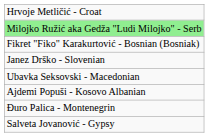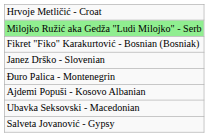 <table class="wikitable">
 <tr>
 <td>Hrvoje Metličić - Croat</td>
 </tr>
 <tr>
 <td style="background: lightgreen;">Milojko Ružić aka Gedža "Ludi Milojko" - Serb</td>
 </tr>
 <tr>
 <td>Fikret "Fiko" Karakurtović - Bosnian (Bosniak)</td>
 </tr>
 <tr>
 <td>Janez Drško - Slovenian</td>
 </tr>
 <tr>
-<td>Ubavka Seksovski - Macedonian</td>
+<td>Đuro Palica - Montenegrin</td>
 </tr>
 <tr>
 <td>Ajdemi Popuši - Kosovo Albanian</td>
 </tr>
 <tr>
-<td>Đuro Palica - Montenegrin</td>
+<td>Ubavka Seksovski - Macedonian</td>
 </tr>
 <tr>
 <td>Salveta Jovanović - Gypsy</td>
 </tr>
 </table>
